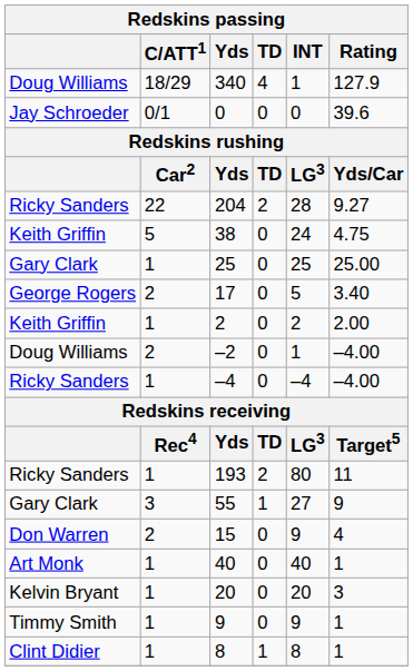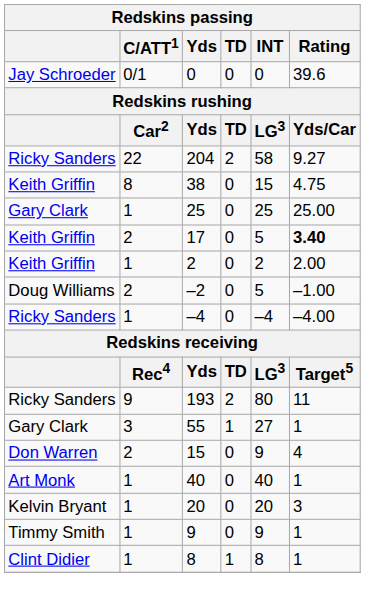 <table class="wikitable">
 <tr>
 <th colspan="6">Redskins passing</th>
 </tr>
 <tr>
 <th></th>
 <th>C/ATT<sup>1</sup></th>
 <th>Yds</th>
 <th>TD</th>
 <th>INT</th>
 <th>Rating</th>
-</tr>
-<tr>
-<td><a href='#'>Doug Williams</a></td>
-<td>18/29</td>
-<td>340</td>
-<td>4</td>
-<td>1</td>
-<td>127.9</td>
 </tr>
 <tr>
 <td><a href='#'>Jay Schroeder</a></td>
 <td>0/1</td>
 <td>0</td>
 <td>0</td>
 <td>0</td>
 <td>39.6</td>
 </tr>
 <tr>
 <th colspan="6">Redskins rushing</th>
 </tr>
 <tr>
 <th></th>
 <th>Car<sup>2</sup></th>
 <th>Yds</th>
 <th>TD</th>
 <th>LG<sup>3</sup></th>
 <th>Yds/Car</th>
 </tr>
 <tr>
 <td><a href='#'>Ricky Sanders</a></td>
 <td>22</td>
 <td>204</td>
 <td>2</td>
-<td>28</td>
+<td>58</td>
 <td>9.27</td>
 </tr>
 <tr>
 <td><a href='#'>Keith Griffin</a></td>
-<td>5</td>
+<td>8</td>
 <td>38</td>
 <td>0</td>
-<td>24</td>
+<td>15</td>
 <td>4.75</td>
 </tr>
 <tr>
 <td><a href='#'>Gary Clark</a></td>
 <td>1</td>
 <td>25</td>
 <td>0</td>
 <td>25</td>
 <td>25.00</td>
 </tr>
 <tr>
-<td><a href='#'>George Rogers</a></td>
+<td><a href='#'>Keith Griffin</a></td>
 <td>2</td>
 <td>17</td>
 <td>0</td>
 <td>5</td>
-<td>3.40</td>
+<td><strong>3.40</strong></td>
 </tr>
 <tr>
 <td><a href='#'>Keith Griffin</a></td>
 <td>1</td>
 <td>2</td>
 <td>0</td>
 <td>2</td>
 <td>2.00</td>
 </tr>
 <tr>
 <td>Doug Williams</td>
 <td>2</td>
 <td>–2</td>
 <td>0</td>
-<td>1</td>
-<td>–4.00</td>
+<td>5</td>
+<td>–1.00</td>
 </tr>
 <tr>
 <td><a href='#'>Ricky Sanders</a></td>
 <td>1</td>
 <td>–4</td>
 <td>0</td>
 <td>–4</td>
 <td>–4.00</td>
 </tr>
 <tr>
 <th colspan="6">Redskins receiving</th>
 </tr>
 <tr>
 <th></th>
 <th>Rec<sup>4</sup></th>
 <th>Yds</th>
 <th>TD</th>
 <th>LG<sup>3</sup></th>
 <th>Target<sup>5</sup></th>
 </tr>
 <tr>
 <td>Ricky Sanders</td>
-<td>1</td>
+<td>9</td>
 <td>193</td>
 <td>2</td>
 <td>80</td>
 <td>11</td>
 </tr>
 <tr>
 <td>Gary Clark</td>
 <td>3</td>
 <td>55</td>
 <td>1</td>
 <td>27</td>
-<td>9</td>
+<td>1</td>
 </tr>
 <tr>
 <td><a href='#'>Don Warren</a></td>
 <td>2</td>
 <td>15</td>
 <td>0</td>
 <td>9</td>
 <td>4</td>
 </tr>
 <tr>
 <td><a href='#'>Art Monk</a></td>
 <td>1</td>
 <td>40</td>
 <td>0</td>
 <td>40</td>
 <td>1</td>
 </tr>
 <tr>
 <td>Kelvin Bryant</td>
 <td>1</td>
 <td>20</td>
 <td>0</td>
 <td>20</td>
 <td>3</td>
 </tr>
 <tr>
 <td>Timmy Smith</td>
 <td>1</td>
 <td>9</td>
 <td>0</td>
 <td>9</td>
 <td>1</td>
 </tr>
 <tr>
 <td><a href='#'>Clint Didier</a></td>
 <td>1</td>
 <td>8</td>
 <td>1</td>
 <td>8</td>
 <td>1</td>
 </tr>
 <tr>
 </tr>
 </table>
